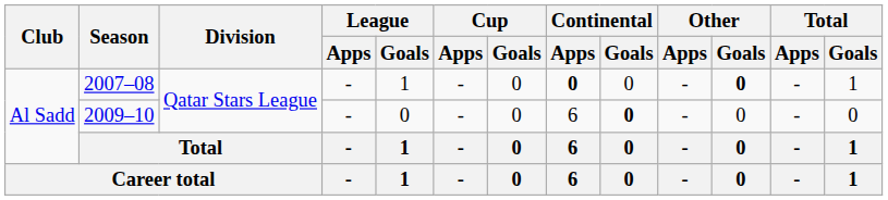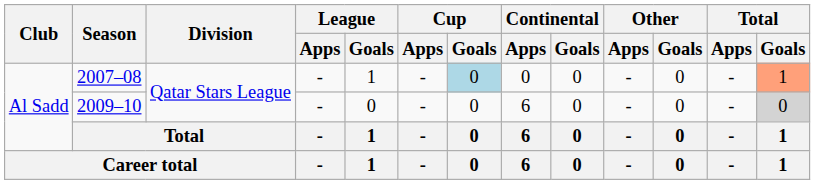 <table class="wikitable" style="text-align: center;">
 <tr>
 <th rowspan="2">Club</th>
 <th rowspan="2">Season</th>
 <th rowspan="2">Division</th>
 <th colspan="2">League</th>
 <th colspan="2">Cup</th>
 <th colspan="2">Continental</th>
 <th colspan="2">Other</th>
 <th colspan="2">Total</th>
 </tr>
 <tr>
 <th>Apps</th>
 <th>Goals</th>
 <th>Apps</th>
 <th>Goals</th>
 <th>Apps</th>
 <th>Goals</th>
 <th>Apps</th>
 <th>Goals</th>
 <th>Apps</th>
 <th>Goals</th>
 </tr>
 <tr>
 <td rowspan="3"><a href='#'>Al Sadd</a></td>
 <td><a href='#'>2007–08</a></td>
 <td rowspan="2"><a href='#'>Qatar Stars League</a></td>
 <td>-</td>
 <td>1</td>
 <td>-</td>
+<td style="background: lightblue;">0</td>
 <td>0</td>
-<td><strong>0</strong></td>
 <td>0</td>
 <td>-</td>
-<td><strong>0</strong></td>
+<td>0</td>
 <td>-</td>
-<td>1</td>
+<td style="background: lightsalmon;">1</td>
 </tr>
 <tr>
 <td><a href='#'>2009–10</a></td>
 <td>-</td>
 <td>0</td>
 <td>-</td>
 <td>0</td>
 <td>6</td>
-<td><strong>0</strong></td>
+<td>0</td>
 <td>-</td>
 <td>0</td>
 <td>-</td>
-<td>0</td>
+<td style="background: lightgrey;">0</td>
 </tr>
 <tr>
 <th colspan="2">Total</th>
 <th>-</th>
 <th>1</th>
 <th>-</th>
 <th>0</th>
 <th>6</th>
 <th>0</th>
 <th>-</th>
 <th>0</th>
 <th>-</th>
 <th>1</th>
 </tr>
 <tr>
 <th colspan="3">Career total</th>
 <th>-</th>
 <th>1</th>
 <th>-</th>
 <th>0</th>
 <th>6</th>
 <th>0</th>
 <th>-</th>
 <th>0</th>
 <th>-</th>
 <th>1</th>
 </tr>
 </table>
